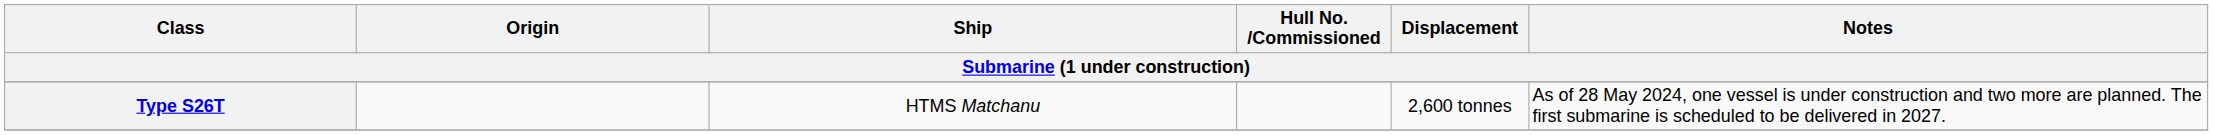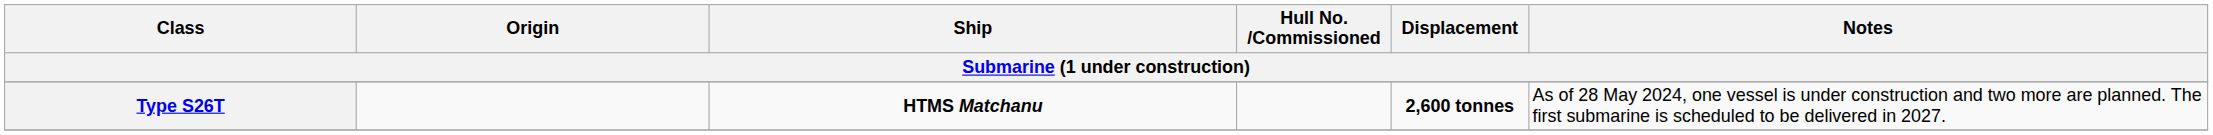 <table class="wikitable">
 <tr>
 <th style="text-align:centre; width:14%;">Class</th>
 <th style="text-align:centre; width:14%;">Origin</th>
 <th style="text-align:centre; width:21%;">Ship</th>
 <th style="text-align:center; width:4%;">Hull No.<br>/Commissioned</th>
 <th style="text-align:centre; width:4%;">Displacement</th>
 <th style="text-align:centre; width:27%;">Notes</th>
 </tr>
 <tr>
 <th colspan="7"><a href='#'>Submarine</a> (1 under construction)</th>
 </tr>
 <tr>
 </tr>
 <tr>
 <th style="text-align:centre;"><a href='#'>Type S26T</a></th>
 <td></td>
-<td ! style="text-align:center;">HTMS <em>Matchanu</em></td>
+<td ! style="text-align:center;"><strong>HTMS <em>Matchanu</em></strong></td>
 <td></td>
-<td ! style="text-align:center;">2,600 tonnes</td>
+<td ! style="text-align:center;"><strong>2,600 tonnes</strong></td>
 <td>As of 28 May 2024, one vessel is under construction and two more are planned. The first submarine is scheduled to be delivered in 2027.</td>
 </tr>
 <tr>
 </tr>
 </table>
